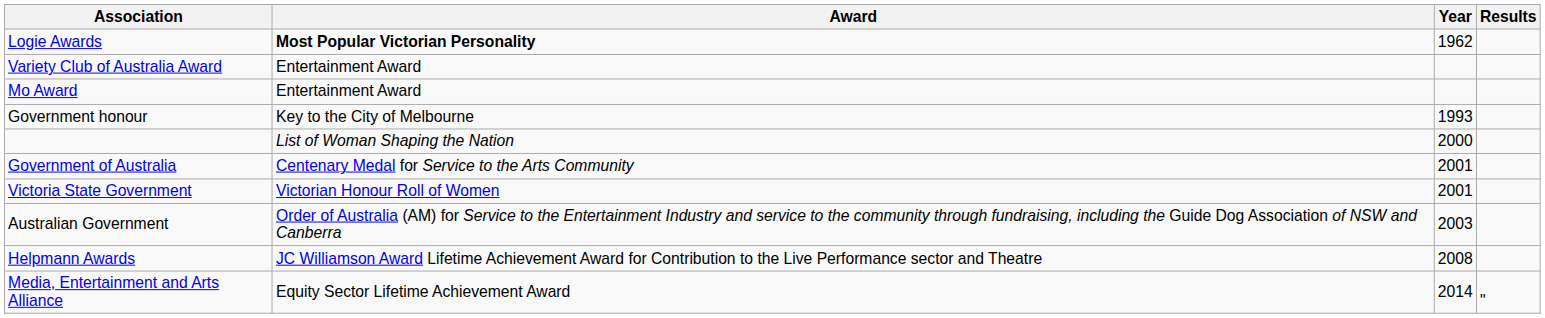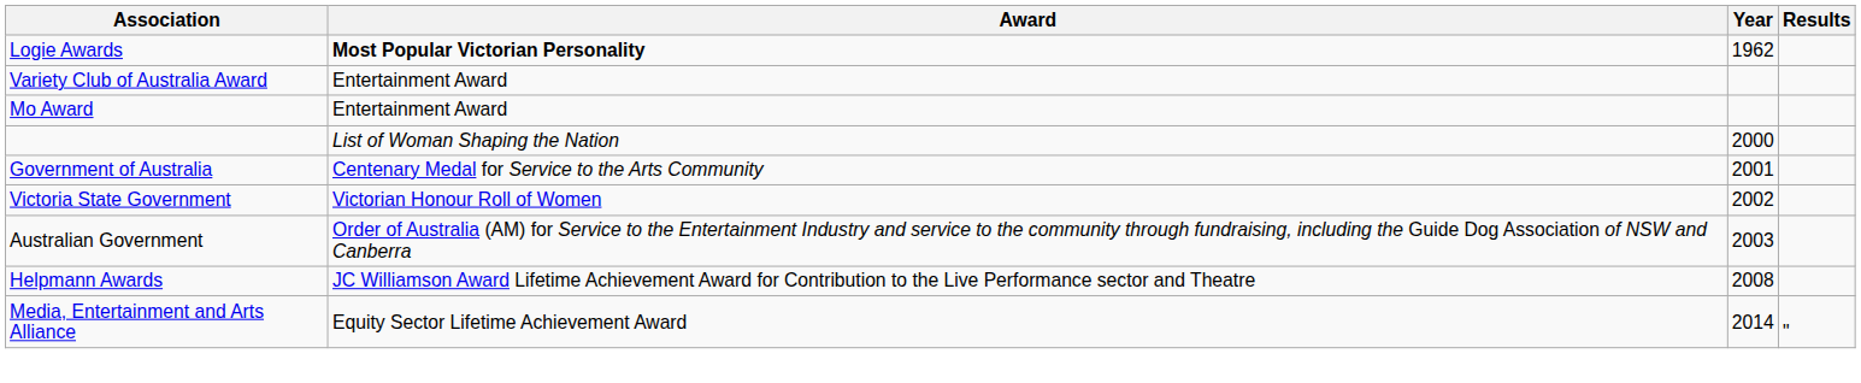 <table class="wikitable">
 <tr>
 <th>Association</th>
 <th>Award</th>
 <th>Year</th>
 <th>Results</th>
 </tr>
 <tr>
 <td><a href='#'>Logie Awards</a></td>
 <td><strong>Most Popular Victorian Personality</strong></td>
 <td>1962</td>
 <td></td>
 </tr>
 <tr>
 <td><a href='#'> Variety Club of Australia Award</a></td>
 <td>Entertainment Award</td>
 <td></td>
 <td></td>
 </tr>
 <tr>
 <td><a href='#'>Mo Award</a></td>
 <td>Entertainment Award</td>
 <td></td>
 <td></td>
 </tr>
 <tr>
-<td>Government honour</td>
-<td>Key to the City of Melbourne</td>
-<td>1993</td>
-<td></td>
-</tr>
-<tr>
 <td></td>
 <td><em>List of Woman Shaping the Nation</em></td>
 <td>2000</td>
 <td></td>
 </tr>
 <tr>
 <td><a href='#'>Government of Australia</a></td>
 <td><a href='#'>Centenary Medal</a> for <em>Service to the Arts Community</em></td>
 <td>2001</td>
 <td></td>
 </tr>
 <tr>
 <td><a href='#'>Victoria State Government</a></td>
 <td><a href='#'>Victorian Honour Roll of Women</a></td>
-<td>2001</td>
+<td>2002</td>
 <td></td>
 </tr>
 <tr>
 <td>Australian Government</td>
 <td><a href='#'>Order of Australia</a> (AM) for <em>Service to the Entertainment Industry and service to the community through fundraising, including the </em>Guide Dog Association<em> of NSW and Canberra</em></td>
 <td>2003</td>
 <td></td>
 </tr>
 <tr>
 <td><a href='#'>Helpmann Awards</a></td>
 <td><a href='#'>JC Williamson Award</a> Lifetime Achievement Award for Contribution to the Live Performance sector and Theatre</td>
 <td>2008</td>
 <td></td>
 </tr>
 <tr>
 <td><a href='#'>Media, Entertainment and Arts Alliance</a></td>
 <td>Equity Sector Lifetime Achievement Award</td>
 <td>2014</td>
 <td><br> " </td>
 </tr>
 </table>
